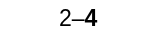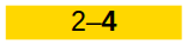 <table style="text-align:center">
 <tr>
 <th width=223></th>
 <th width=100></th>
 <th width=223></th>
 </tr>
 <tr>
 <td align=right><small><span></span></small> </td>
-<td>2–<strong>4</strong></td>
+<td style="background: gold;">2–<strong>4</strong></td>
 <td align=left><strong></strong> <small><span></span></small></td>
 </tr>
 </table>
